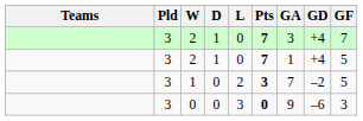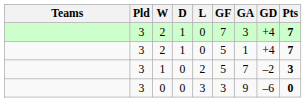 <table class="wikitable" style="text-align: center;">
 <tr>
 <th width=165>Teams</th>
 <th width=20>Pld</th>
 <th width=20>W</th>
 <th width=20>D</th>
 <th width=20>L</th>
-<th width=20>Pts</th>
+<th width=20>GF</th>
 <th width=20>GA</th>
 <th width=20>GD</th>
-<th width=20>GF</th>
+<th width=20>Pts</th>
 </tr>
 <tr align=center style="background:#ccffcc;">
 <td style="text-align:left;"></td>
 <td>3</td>
 <td>2</td>
 <td>1</td>
 <td>0</td>
-<td><strong>7</strong></td>
+<td>7</td>
 <td>3</td>
 <td>+4</td>
-<td>7</td>
+<td><strong>7</strong></td>
 </tr>
 <tr align=center>
 <td style="text-align:left;"></td>
 <td>3</td>
 <td>2</td>
 <td>1</td>
 <td>0</td>
-<td><strong>7</strong></td>
+<td>5</td>
 <td>1</td>
 <td>+4</td>
-<td>5</td>
+<td><strong>7</strong></td>
 </tr>
 <tr align=center>
 <td style="text-align:left;"></td>
 <td>3</td>
 <td>1</td>
 <td>0</td>
 <td>2</td>
-<td><strong>3</strong></td>
+<td>5</td>
 <td>7</td>
 <td>–2</td>
-<td>5</td>
+<td><strong>3</strong></td>
 </tr>
 <tr align=center>
 <td style="text-align:left;"></td>
 <td>3</td>
 <td>0</td>
 <td>0</td>
 <td>3</td>
-<td><strong>0</strong></td>
+<td>3</td>
 <td>9</td>
 <td>–6</td>
-<td>3</td>
+<td><strong>0</strong></td>
 </tr>
 </table>
